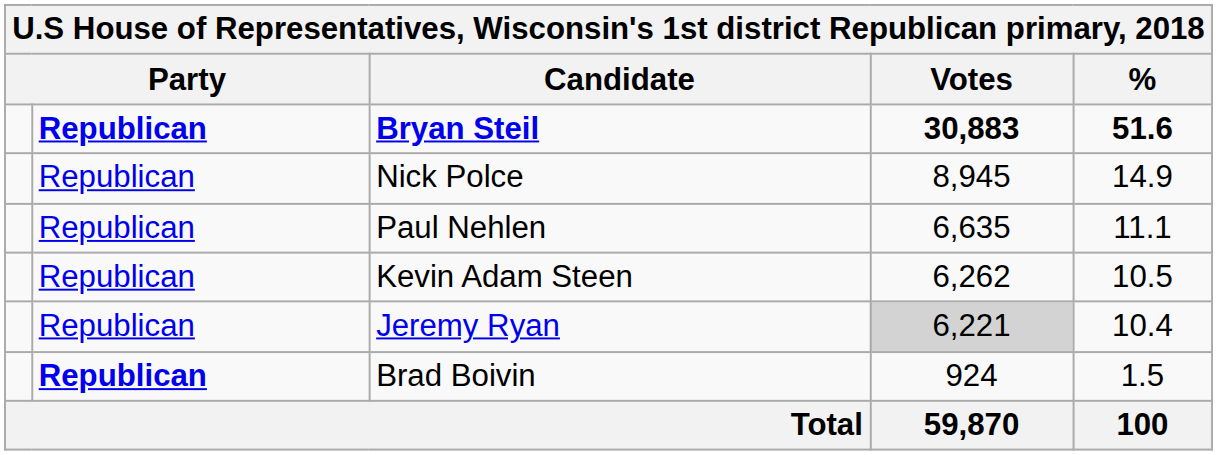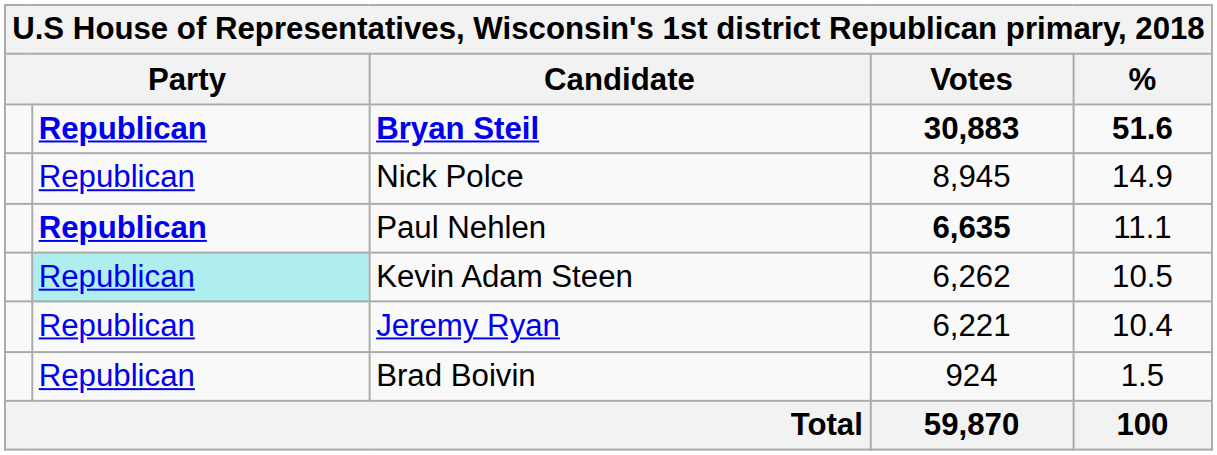 <table class="wikitable">
 <tr>
 <th colspan=5>U.S House of Representatives, Wisconsin's 1st district Republican primary, 2018</th>
 </tr>
 <tr>
 <th colspan=2><strong>Party</strong></th>
 <th><strong>Candidate</strong></th>
 <th><strong>Votes</strong></th>
 <th><strong>%</strong></th>
 </tr>
 <tr>
 <td></td>
 <td><strong><a href='#'>Republican</a></strong></td>
 <td><strong><a href='#'>Bryan Steil</a></strong></td>
 <td align=center><strong>30,883</strong></td>
 <td align=center><strong>51.6</strong></td>
 </tr>
 <tr>
 <td></td>
 <td><a href='#'>Republican</a></td>
 <td>Nick Polce</td>
 <td align=center>8,945</td>
 <td align=center>14.9</td>
 </tr>
 <tr>
 <td></td>
-<td><a href='#'>Republican</a></td>
+<td><strong><a href='#'>Republican</a></strong></td>
 <td>Paul Nehlen</td>
-<td align=center>6,635</td>
+<td align=center><strong>6,635</strong></td>
 <td align=center>11.1</td>
 </tr>
 <tr>
 <td></td>
-<td><a href='#'>Republican</a></td>
+<td style="background: paleturquoise;"><a href='#'>Republican</a></td>
 <td>Kevin Adam Steen</td>
 <td align=center>6,262</td>
 <td align=center>10.5</td>
 </tr>
 <tr>
 <td></td>
 <td><a href='#'>Republican</a></td>
 <td><a href='#'>Jeremy Ryan</a></td>
-<td align=center style="background: lightgrey;">6,221</td>
+<td align=center>6,221</td>
 <td align=center>10.4</td>
 </tr>
 <tr>
 <td></td>
-<td><strong><a href='#'>Republican</a></strong></td>
+<td><a href='#'>Republican</a></td>
 <td>Brad Boivin</td>
 <td align=center>924</td>
 <td align=center>1.5</td>
 </tr>
 <tr>
 <th colspan=3; style="text-align:right;">Total</th>
 <th align=center>59,870</th>
 <th align=center>100</th>
 </tr>
 </table>
